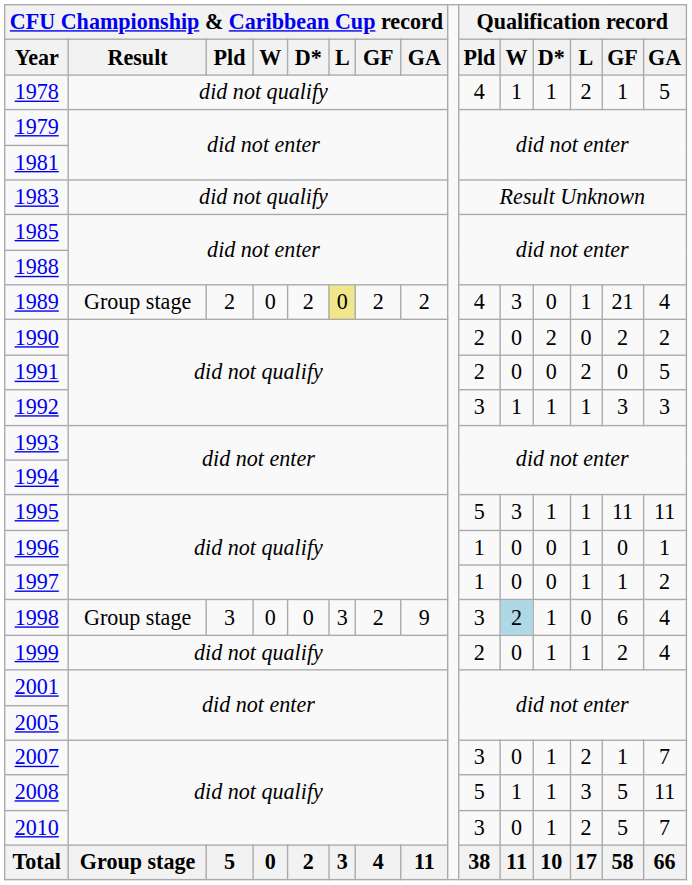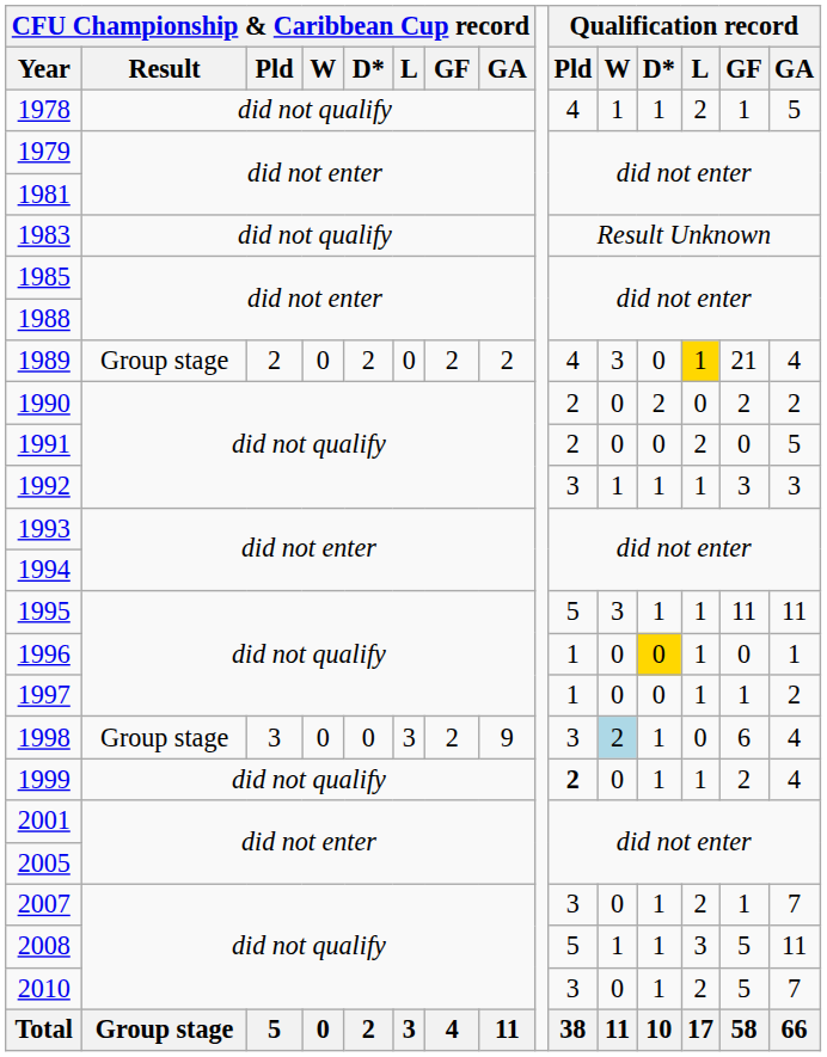 <table class="wikitable" style="text-align: center;">
 <tr>
 <th colspan=8><a href='#'>CFU Championship</a> & <a href='#'>Caribbean Cup</a> record</th>
 <td rowspan=30></td>
 <th colspan=6>Qualification record</th>
 </tr>
 <tr>
 <th>Year</th>
 <th>Result</th>
 <th>Pld</th>
 <th>W</th>
 <th>D*</th>
 <th>L</th>
 <th>GF</th>
 <th>GA</th>
 <th>Pld</th>
 <th>W</th>
 <th>D*</th>
 <th>L</th>
 <th>GF</th>
 <th>GA</th>
 </tr>
 <tr>
 <td> <a href='#'>1978</a></td>
 <td colspan=8><em>did not qualify</em></td>
 <td>4</td>
 <td>1</td>
 <td>1</td>
 <td>2</td>
 <td>1</td>
 <td>5</td>
 </tr>
 <tr>
 <td> <a href='#'>1979</a></td>
 <td colspan=8 rowspan=2><em>did not enter</em></td>
 <td colspan=6 rowspan=2><em>did not enter</em></td>
 </tr>
 <tr>
 <td> <a href='#'>1981</a></td>
 </tr>
 <tr>
 <td> <a href='#'>1983</a></td>
 <td colspan=8><em>did not qualify</em></td>
 <td colspan=6><em>Result Unknown</em></td>
 </tr>
 <tr>
 <td> <a href='#'>1985</a></td>
 <td colspan=8 rowspan=2><em>did not enter</em></td>
 <td colspan=6 rowspan=2><em>did not enter</em></td>
 </tr>
 <tr>
 <td> <a href='#'>1988</a></td>
 </tr>
 <tr>
 <td> <a href='#'>1989</a></td>
 <td>Group stage</td>
 <td>2</td>
 <td>0</td>
 <td>2</td>
-<td style="background: khaki;">0</td>
+<td>0</td>
 <td>2</td>
 <td>2</td>
 <td>4</td>
 <td>3</td>
 <td>0</td>
-<td>1</td>
+<td style="background: gold;">1</td>
 <td>21</td>
 <td>4</td>
 </tr>
 <tr>
 <td> <a href='#'>1990</a></td>
 <td colspan=7 rowspan=3><em>did not qualify</em></td>
 <td>2</td>
 <td>0</td>
 <td>2</td>
 <td>0</td>
 <td>2</td>
 <td>2</td>
 </tr>
 <tr>
 <td> <a href='#'>1991</a></td>
 <td>2</td>
 <td>0</td>
 <td>0</td>
 <td>2</td>
 <td>0</td>
 <td>5</td>
 </tr>
 <tr>
 <td> <a href='#'>1992</a></td>
 <td>3</td>
 <td>1</td>
 <td>1</td>
 <td>1</td>
 <td>3</td>
 <td>3</td>
 </tr>
 <tr>
 <td> <a href='#'>1993</a></td>
 <td colspan=7 rowspan=2><em>did not enter</em></td>
 <td colspan=6 rowspan=2><em>did not enter</em></td>
 </tr>
 <tr>
 <td> <a href='#'>1994</a></td>
 </tr>
 <tr>
 <td>  <a href='#'>1995</a></td>
 <td colspan=7 rowspan=3><em>did not qualify</em></td>
 <td>5</td>
 <td>3</td>
 <td>1</td>
 <td>1</td>
 <td>11</td>
 <td>11</td>
 </tr>
 <tr>
 <td> <a href='#'>1996</a></td>
 <td>1</td>
 <td>0</td>
-<td>0</td>
+<td style="background: gold;">0</td>
 <td>1</td>
 <td>0</td>
 <td>1</td>
 </tr>
 <tr>
 <td>  <a href='#'>1997</a></td>
 <td>1</td>
 <td>0</td>
 <td>0</td>
 <td>1</td>
 <td>1</td>
 <td>2</td>
 </tr>
 <tr>
 <td>  <a href='#'>1998</a></td>
 <td>Group stage</td>
 <td>3</td>
 <td>0</td>
 <td>0</td>
 <td>3</td>
 <td>2</td>
 <td>9</td>
 <td>3</td>
 <td style="background: lightblue;">2</td>
 <td>1</td>
 <td>0</td>
 <td>6</td>
 <td>4</td>
 </tr>
 <tr>
 <td> <a href='#'>1999</a></td>
 <td colspan=7><em>did not qualify</em></td>
-<td>2</td>
+<td><strong>2</strong></td>
 <td>0</td>
 <td>1</td>
 <td>1</td>
 <td>2</td>
 <td>4</td>
 </tr>
 <tr>
 <td> <a href='#'>2001</a></td>
 <td colspan=7 rowspan=2><em>did not enter</em></td>
 <td colspan=6 rowspan=2><em>did not enter</em></td>
 </tr>
 <tr>
 <td> <a href='#'>2005</a></td>
 </tr>
 <tr>
 <td> <a href='#'>2007</a></td>
 <td colspan=7 rowspan=3><em>did not qualify</em></td>
 <td>3</td>
 <td>0</td>
 <td>1</td>
 <td>2</td>
 <td>1</td>
 <td>7</td>
 </tr>
 <tr>
 <td> <a href='#'>2008</a></td>
 <td>5</td>
 <td>1</td>
 <td>1</td>
 <td>3</td>
 <td>5</td>
 <td>11</td>
 </tr>
 <tr>
 <td> <a href='#'>2010</a></td>
 <td>3</td>
 <td>0</td>
 <td>1</td>
 <td>2</td>
 <td>5</td>
 <td>7</td>
 </tr>
 <tr>
 <th>Total</th>
 <th>Group stage</th>
 <th>5</th>
 <th>0</th>
 <th>2</th>
 <th>3</th>
 <th>4</th>
 <th>11</th>
 <th>38</th>
 <th>11</th>
 <th>10</th>
 <th>17</th>
 <th>58</th>
 <th>66</th>
 </tr>
 </table>
